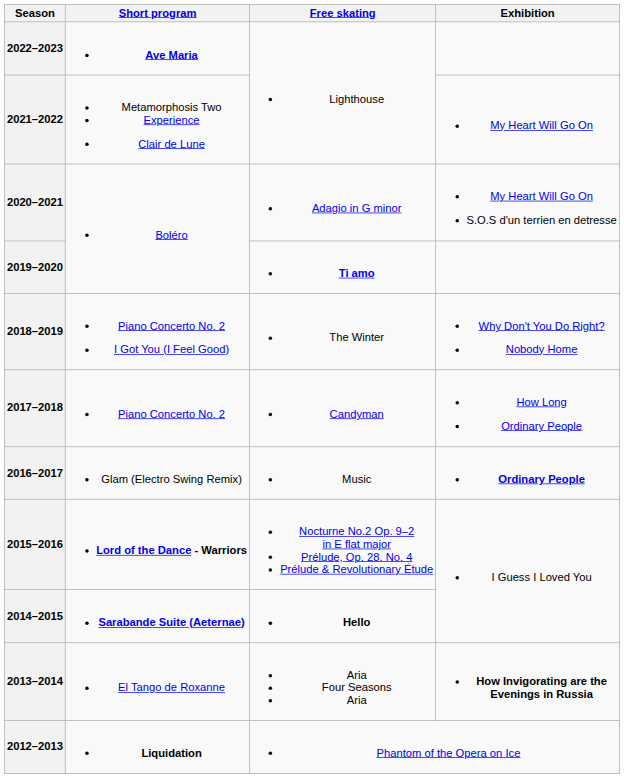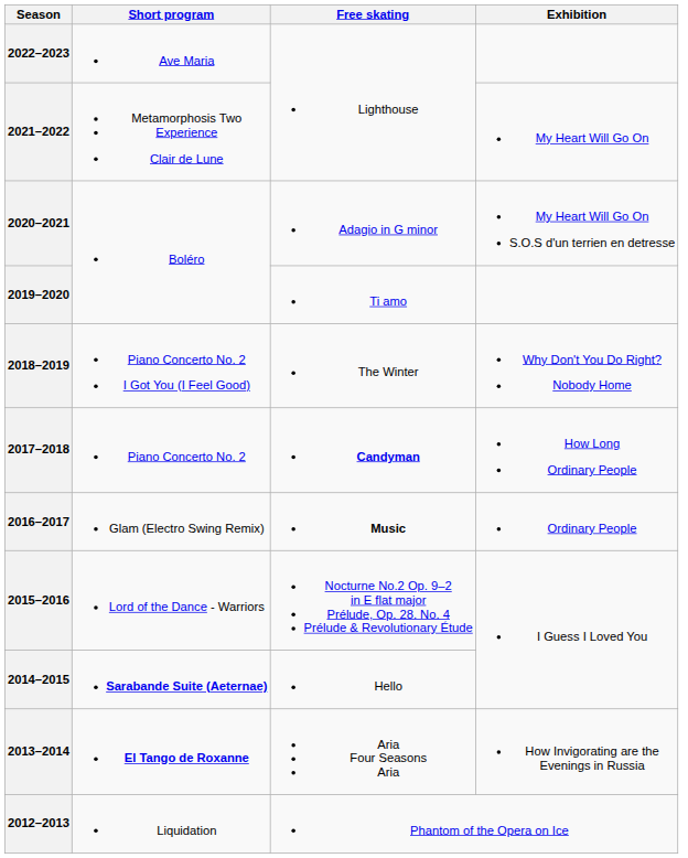 <table class=wikitable style=text-align:center>
 <tr>
 <th>Season</th>
 <th><a href='#'>Short program</a></th>
 <th><a href='#'>Free skating</a></th>
 <th>Exhibition</th>
 </tr>
 <tr>
 <th>2022–2023</th>
-<td><strong><br><ul><li><a href='#'>Ave Maria</a> <br> </li></ul></strong></td>
+<td><br><ul><li><a href='#'>Ave Maria</a> <br> </li></ul></td>
 <td rowspan=2><br><ul><li>Lighthouse <br> </li></ul></td>
 </tr>
 <tr>
 <th>2021–2022<br> </th>
 <td><br><ul><li>Metamorphosis Two <br> </li><li><a href='#'>Experience</a> <br> </li></ul><ul><li><a href='#'>Clair de Lune</a> <br> </li></ul></td>
 <td><br><ul><li><a href='#'>My Heart Will Go On</a></li></ul></td>
 </tr>
 <tr>
 <th>2020–2021 <br> </th>
 <td rowspan=2><br><ul><li><a href='#'>Boléro</a> <br></li></ul></td>
 <td><br><ul><li><a href='#'>Adagio in G minor</a> <br></li></ul></td>
 <td><br><ul><li><a href='#'>My Heart Will Go On</a> <br> </li></ul><ul><li>S.O.S d'un terrien en detresse <br> </li></ul></td>
 </tr>
 <tr>
 <th>2019–2020 <br> </th>
-<td><strong><br><ul><li><a href='#'>Ti amo</a> <br> </li></ul></strong></td>
+<td><br><ul><li><a href='#'>Ti amo</a> <br> </li></ul></td>
 <td></td>
 </tr>
 <tr>
 <th>2018–2019 <br> </th>
 <td><br><ul><li><a href='#'>Piano Concerto No. 2</a> <br></li></ul><ul><li><a href='#'>I Got You (I Feel Good)</a> <br></li></ul></td>
 <td><br><ul><li>The Winter <br></li></ul></td>
 <td><br><ul><li><a href='#'>Why Don't You Do Right?</a> <br></li></ul><ul><li><a href='#'>Nobody Home</a> <br></li></ul></td>
 </tr>
 <tr>
 <th>2017–2018 <br> </th>
 <td><br><ul><li><a href='#'>Piano Concerto No. 2</a> <br></li></ul></td>
-<td><br><ul><li><a href='#'>Candyman</a> <br></li></ul></td>
+<td><strong><br><ul><li><a href='#'>Candyman</a> <br></li></ul></strong></td>
 <td><br><ul><li><a href='#'>How Long</a> <br></li></ul><ul><li><a href='#'>Ordinary People</a> <br></li></ul></td>
 </tr>
 <tr>
 <th>2016–2017 <br></th>
 <td><br><ul><li>Glam (Electro Swing Remix) <br></li></ul></td>
-<td><br><ul><li>Music <br></li></ul></td>
-<td><strong><br><ul><li><a href='#'>Ordinary People</a> <br></li></ul></strong></td>
+<td><strong><br><ul><li>Music <br></li></ul></strong></td>
+<td><br><ul><li><a href='#'>Ordinary People</a> <br></li></ul></td>
 </tr>
 <tr>
 <th>2015–2016 <br></th>
-<td><strong><br><ul><li><a href='#'>Lord of the Dance</a> - Warriors <br></li></ul></strong></td>
+<td><br><ul><li><a href='#'>Lord of the Dance</a> - Warriors <br></li></ul></td>
 <td><br><ul><li><a href='#'>Nocturne No.2 Op. 9–2 <br> in E flat major</a></li><li><a href='#'>Prélude, Op. 28. No. 4</a></li><li><a href='#'>Prélude & Revolutionary Étude</a> <br></li></ul></td>
 <td rowspan=2><br><ul><li>I Guess I Loved You <br></li></ul></td>
 </tr>
 <tr>
 <th>2014–2015 <br> </th>
 <td><strong><br><ul><li><a href='#'>Sarabande Suite (Aeternae)</a> <br></li></ul></strong></td>
-<td><strong><br><ul><li>Hello <br></li></ul></strong></td>
+<td><br><ul><li>Hello <br></li></ul></td>
 </tr>
 <tr>
 <th>2013–2014 <br> </th>
-<td><br><ul><li><a href='#'>El Tango de Roxanne</a> <br></li></ul></td>
+<td><strong><br><ul><li><a href='#'>El Tango de Roxanne</a> <br></li></ul></strong></td>
 <td><br><ul><li>Aria <br></li><li>Four Seasons <br></li><li>Aria <br></li></ul></td>
-<td><strong><br><ul><li>How Invigorating are the<br> Evenings in Russia <br></li></ul></strong></td>
+<td><br><ul><li>How Invigorating are the<br> Evenings in Russia <br></li></ul></td>
 </tr>
 <tr>
 <th>2012–2013 <br> </th>
-<td><strong><br><ul><li>Liquidation <br></li></ul></strong></td>
+<td><br><ul><li>Liquidation <br></li></ul></td>
 <td colspan=2><br><ul><li><a href='#'>Phantom of the Opera on Ice</a> <br></li></ul></td>
 </tr>
 </table>
